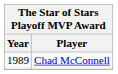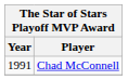 <table class="wikitable" style="display: inline-table; margin-right: 20px; text-align:center">
 <tr>
 <th scope="col" colspan="2" style="width: 145px;">The Star of Stars Playoff MVP Award</th>
 </tr>
 <tr>
 <th scope="col">Year</th>
 <th scope="col">Player</th>
 </tr>
 <tr>
-<td>1989</td>
+<td>1991</td>
 <td><a href='#'>Chad McConnell</a></td>
 </tr>
 <tr>
 </tr>
 </table>
